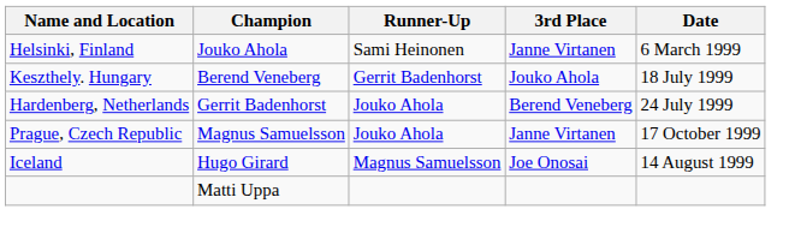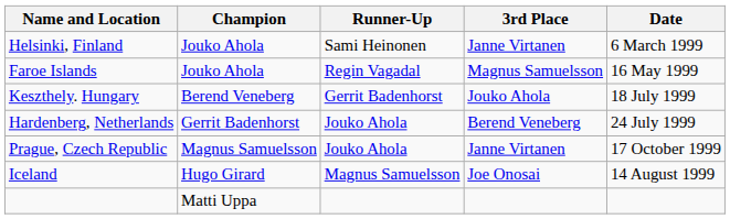 <table class="wikitable" style="display: inline-table">
 <tr>
 <th>Name and Location</th>
 <th>Champion</th>
 <th>Runner-Up</th>
 <th>3rd Place</th>
 <th>Date</th>
 </tr>
 <tr>
 <td> <a href='#'>Helsinki</a>, <a href='#'>Finland</a> <br> </td>
 <td> <a href='#'>Jouko Ahola</a></td>
 <td> Sami Heinonen</td>
 <td> <a href='#'>Janne Virtanen</a></td>
 <td>6 March 1999</td>
+</tr>
+<tr>
+<td> <a href='#'>Faroe Islands</a> <br> </td>
+<td> <a href='#'>Jouko Ahola</a></td>
+<td> <a href='#'>Regin Vagadal</a></td>
+<td> <a href='#'>Magnus Samuelsson</a></td>
+<td>16 May 1999</td>
 </tr>
 <tr>
 <td> <a href='#'>Keszthely</a>. <a href='#'>Hungary</a> <br> </td>
 <td> <a href='#'>Berend Veneberg</a></td>
 <td> <a href='#'>Gerrit Badenhorst</a></td>
 <td> <a href='#'>Jouko Ahola</a></td>
 <td>18 July 1999</td>
 </tr>
 <tr>
 <td> <a href='#'>Hardenberg</a>, <a href='#'>Netherlands</a> <br> </td>
 <td> <a href='#'>Gerrit Badenhorst</a></td>
 <td> <a href='#'>Jouko Ahola</a></td>
 <td> <a href='#'>Berend Veneberg</a></td>
 <td>24 July 1999</td>
 </tr>
 <tr>
 <td> <a href='#'>Prague</a>, <a href='#'>Czech Republic</a> <br> </td>
 <td> <a href='#'>Magnus Samuelsson</a></td>
 <td> <a href='#'>Jouko Ahola</a></td>
 <td> <a href='#'>Janne Virtanen</a></td>
 <td>17 October 1999</td>
 </tr>
 <tr>
 <td> <a href='#'>Iceland</a> <br> </td>
 <td> <a href='#'>Hugo Girard</a></td>
 <td> <a href='#'>Magnus Samuelsson</a></td>
 <td> <a href='#'>Joe Onosai</a></td>
 <td>14 August 1999</td>
 </tr>
 <tr>
 <td></td>
 <td> Matti Uppa</td>
 <td></td>
 <td></td>
 <td></td>
 </tr>
 </table>
